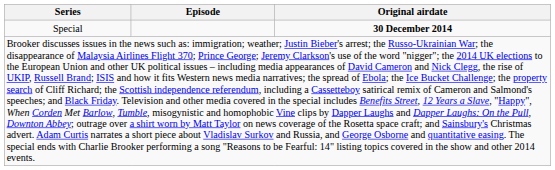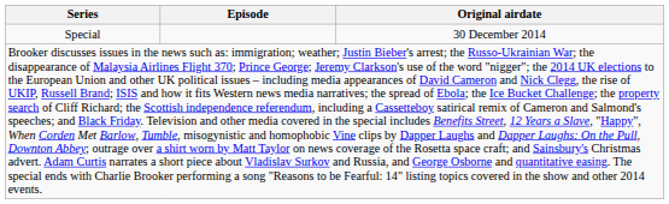 <table class="wikitable" style="text-align:center">
 <tr>
 <th>Series</th>
 <th>Episode</th>
 <th>Original airdate</th>
 </tr>
 <tr>
 <td>Special</td>
 <td></td>
-<td><strong>30 December 2014</strong></td>
+<td>30 December 2014</td>
 </tr>
 <tr>
 <td colspan="3" align="left">Brooker discusses issues in the news such as: immigration; weather; <a href='#'>Justin Bieber</a>'s arrest; the <a href='#'>Russo-Ukrainian War</a>; the disappearance of <a href='#'>Malaysia Airlines Flight 370</a>; <a href='#'>Prince George</a>; <a href='#'>Jeremy Clarkson</a>'s use of the word "nigger"; the <a href='#'>2014 UK elections</a> to the European Union and other UK political issues – including media appearances of <a href='#'>David Cameron</a> and <a href='#'>Nick Clegg</a>, the rise of <a href='#'>UKIP</a>, <a href='#'>Russell Brand</a>; <a href='#'>ISIS</a> and how it fits Western news media narratives; the spread of <a href='#'>Ebola</a>; the <a href='#'>Ice Bucket Challenge</a>; the <a href='#'>property search</a> of Cliff Richard; the <a href='#'>Scottish independence referendum</a>, including a <a href='#'>Cassetteboy</a> satirical remix of Cameron and Salmond's speeches; and <a href='#'>Black Friday</a>. Television and other media covered in the special includes <em><a href='#'>Benefits Street</a></em>, <em><a href='#'>12 Years a Slave</a></em>, "<a href='#'>Happy</a>", <em>When <a href='#'>Corden</a> Met <a href='#'>Barlow</a></em>, <em><a href='#'>Tumble</a></em>, misogynistic and homophobic <a href='#'>Vine</a> clips by <a href='#'>Dapper Laughs</a> and <em><a href='#'>Dapper Laughs: On the Pull</a></em>, <em><a href='#'>Downton Abbey</a></em>; outrage over <a href='#'>a shirt worn by Matt Taylor</a> on news coverage of the Rosetta space craft; and <a href='#'>Sainsbury's</a> Christmas advert. <a href='#'>Adam Curtis</a> narrates a short piece about <a href='#'>Vladislav Surkov</a> and Russia, and <a href='#'>George Osborne</a> and <a href='#'>quantitative easing</a>. The special ends with Charlie Brooker performing a song "Reasons to be Fearful: 14" listing topics covered in the show and other 2014 events.</td>
 </tr>
 </table>
